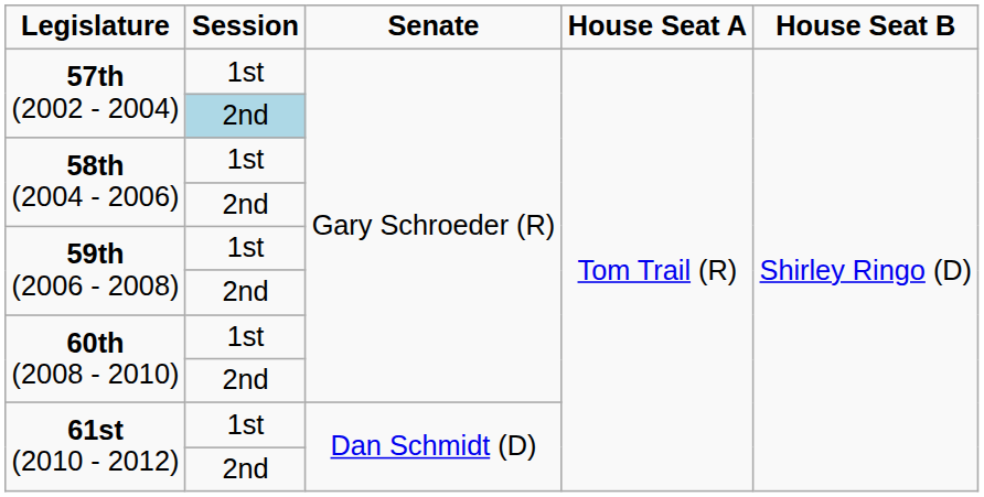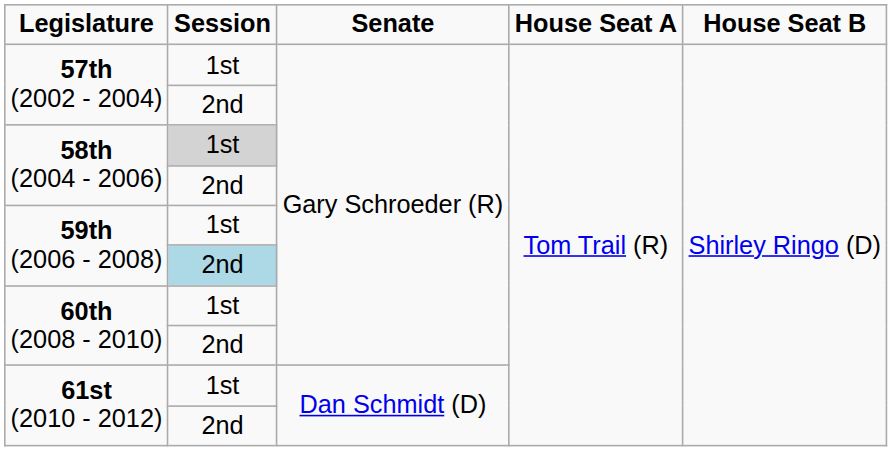 <table class=wikitable style="text-align:center">
 <tr>
 <td><strong>Legislature</strong></td>
 <td><strong>Session</strong></td>
 <td><strong>Senate</strong></td>
 <td><strong>House Seat A</strong></td>
 <td><strong>House Seat B</strong></td>
 </tr>
 <tr>
 <td rowspan="2" colspan="1" style="text-align: center;"><strong>57th</strong> <br> (2002 - 2004)</td>
 <td>1st</td>
 <td rowspan="8" colspan="1" style="text-align: center;" >Gary Schroeder (R)</td>
 <td rowspan="10" colspan="1" style="text-align: center;" ><a href='#'>Tom Trail</a> (R)</td>
 <td rowspan="10" colspan="1" style="text-align: center;" ><a href='#'>Shirley Ringo</a> (D)</td>
 </tr>
 <tr>
-<td style="background: lightblue;">2nd</td>
+<td>2nd</td>
 </tr>
 <tr>
 <td rowspan="2" colspan="1" style="text-align: center;"><strong>58th</strong> <br> (2004 - 2006)</td>
-<td>1st</td>
+<td style="background: lightgrey;">1st</td>
 </tr>
 <tr>
 <td>2nd</td>
 </tr>
 <tr>
 <td rowspan="2" colspan="1" style="text-align: center;"><strong>59th</strong> <br> (2006 - 2008)</td>
 <td>1st</td>
 </tr>
 <tr>
-<td>2nd</td>
+<td style="background: lightblue;">2nd</td>
 </tr>
 <tr>
 <td rowspan="2" colspan="1" style="text-align: center;"><strong>60th</strong> <br> (2008 - 2010)</td>
 <td>1st</td>
 </tr>
 <tr>
 <td>2nd</td>
 </tr>
 <tr>
 <td rowspan="2" colspan="1" style="text-align: center;"><strong>61st</strong> <br> (2010 - 2012)</td>
 <td>1st</td>
 <td rowspan="10" colspan="1" style="text-align: center;" ><a href='#'>Dan Schmidt</a> (D)</td>
 </tr>
 <tr>
 <td>2nd</td>
 </tr>
 </table>
